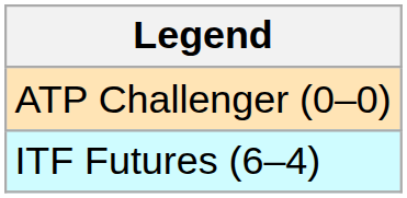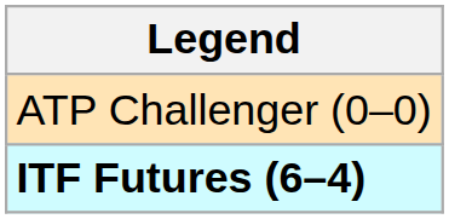 <table class=wikitable>
 <tr>
 <th>Legend</th>
 </tr>
 <tr style="background:moccasin;">
 <td>ATP Challenger (0–0)</td>
 </tr>
 <tr style="background:#cffcff;">
-<td>ITF Futures (6–4)</td>
+<td><strong>ITF Futures (6–4)</strong></td>
 </tr>
 </table>
